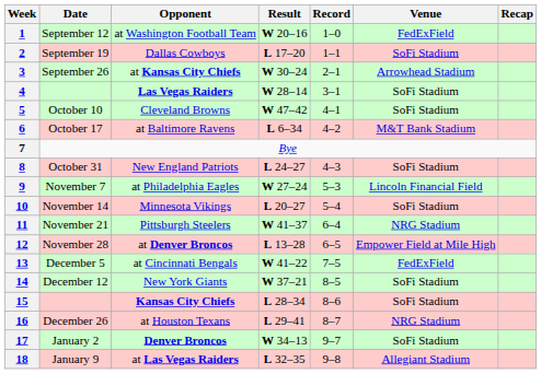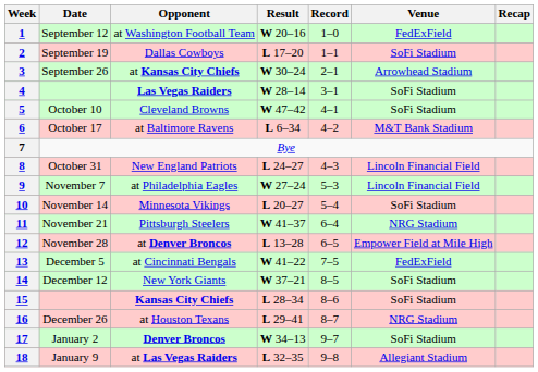 <table class="wikitable" style="text-align:center">
 <tr>
 <th>Week</th>
 <th>Date</th>
 <th>Opponent</th>
 <th>Result</th>
 <th>Record</th>
 <th>Venue</th>
 <th>Recap</th>
 </tr>
 <tr style="background:#cfc">
 <th><a href='#'>1</a></th>
 <td>September 12</td>
 <td>at <a href='#'>Washington Football Team</a></td>
 <td><strong>W</strong> 20–16</td>
 <td>1–0</td>
 <td><a href='#'>FedExField</a></td>
 <td></td>
 </tr>
 <tr style="background:#fcc">
 <th><a href='#'>2</a></th>
 <td>September 19</td>
 <td><a href='#'>Dallas Cowboys</a></td>
 <td><strong>L</strong> 17–20</td>
 <td>1–1</td>
 <td><a href='#'>SoFi Stadium</a></td>
 <td></td>
 </tr>
 <tr style="background:#cfc">
 <th><a href='#'>3</a></th>
 <td>September 26</td>
 <td>at <strong><a href='#'>Kansas City Chiefs</a></strong></td>
 <td><strong>W</strong> 30–24</td>
 <td>2–1</td>
 <td><a href='#'>Arrowhead Stadium</a></td>
 <td></td>
 </tr>
 <tr style="background:#cfc">
 <th><a href='#'>4</a></th>
 <td></td>
 <td><strong><a href='#'>Las Vegas Raiders</a></strong></td>
 <td><strong>W</strong> 28–14</td>
 <td>3–1</td>
 <td>SoFi Stadium</td>
 <td></td>
 </tr>
 <tr style="background:#cfc">
 <th><a href='#'>5</a></th>
 <td>October 10</td>
 <td><a href='#'>Cleveland Browns</a></td>
 <td><strong>W</strong> 47–42</td>
 <td>4–1</td>
 <td>SoFi Stadium</td>
 <td></td>
 </tr>
 <tr style="background:#fcc">
 <th><a href='#'>6</a></th>
 <td>October 17</td>
 <td>at <a href='#'>Baltimore Ravens</a></td>
 <td><strong>L</strong> 6–34</td>
 <td>4–2</td>
 <td><a href='#'>M&T Bank Stadium</a></td>
 <td></td>
 </tr>
 <tr>
 <th>7</th>
 <td colspan="6"><em><a href='#'>Bye</a></em></td>
 </tr>
 <tr style="background:#fcc">
 <th><a href='#'>8</a></th>
 <td>October 31</td>
 <td><a href='#'>New England Patriots</a></td>
 <td><strong>L</strong> 24–27</td>
 <td>4–3</td>
-<td>SoFi Stadium</td>
+<td><a href='#'>Lincoln Financial Field</a></td>
 <td></td>
 </tr>
 <tr style="background:#cfc">
 <th><a href='#'>9</a></th>
 <td>November 7</td>
 <td>at <a href='#'>Philadelphia Eagles</a></td>
 <td><strong>W</strong> 27–24</td>
 <td>5–3</td>
 <td><a href='#'>Lincoln Financial Field</a></td>
 <td></td>
 </tr>
 <tr style="background:#fcc">
 <th><a href='#'>10</a></th>
 <td>November 14</td>
 <td><a href='#'>Minnesota Vikings</a></td>
 <td><strong>L</strong> 20–27</td>
 <td>5–4</td>
 <td>SoFi Stadium</td>
 <td></td>
 </tr>
 <tr style="background:#cfc">
 <th><a href='#'>11</a></th>
 <td>November 21</td>
 <td><a href='#'>Pittsburgh Steelers</a></td>
 <td><strong>W</strong> 41–37</td>
 <td>6–4</td>
 <td><a href='#'>NRG Stadium</a></td>
 <td></td>
 </tr>
 <tr style="background:#fcc">
 <th><a href='#'>12</a></th>
 <td>November 28</td>
 <td>at <strong><a href='#'>Denver Broncos</a></strong></td>
 <td><strong>L</strong> 13–28</td>
 <td>6–5</td>
 <td><a href='#'>Empower Field at Mile High</a></td>
 <td></td>
 </tr>
 <tr style="background:#cfc">
 <th><a href='#'>13</a></th>
 <td>December 5</td>
 <td>at <a href='#'>Cincinnati Bengals</a></td>
 <td><strong>W</strong> 41–22</td>
 <td>7–5</td>
 <td><a href='#'>FedExField</a></td>
 <td></td>
 </tr>
 <tr style="background:#cfc">
 <th><a href='#'>14</a></th>
 <td>December 12</td>
 <td><a href='#'>New York Giants</a></td>
 <td><strong>W</strong> 37–21</td>
 <td>8–5</td>
 <td>SoFi Stadium</td>
 <td></td>
 </tr>
 <tr style="background:#fcc">
 <th><a href='#'>15</a></th>
 <td></td>
 <td><strong><a href='#'>Kansas City Chiefs</a></strong></td>
 <td><strong>L</strong> 28–34 </td>
 <td>8–6</td>
 <td>SoFi Stadium</td>
 <td></td>
 </tr>
 <tr style="background:#fcc">
 <th><a href='#'>16</a></th>
 <td>December 26</td>
 <td>at <a href='#'>Houston Texans</a></td>
 <td><strong>L</strong> 29–41</td>
 <td>8–7</td>
 <td><a href='#'>NRG Stadium</a></td>
 <td></td>
 </tr>
 <tr style="background:#cfc">
 <th><a href='#'>17</a></th>
 <td>January 2</td>
 <td><strong><a href='#'>Denver Broncos</a></strong></td>
 <td><strong>W</strong> 34–13</td>
 <td>9–7</td>
 <td>SoFi Stadium</td>
 <td></td>
 </tr>
 <tr style="background:#fcc">
 <th><a href='#'>18</a></th>
 <td>January 9</td>
 <td>at <strong><a href='#'>Las Vegas Raiders</a></strong></td>
 <td><strong>L</strong> 32–35 </td>
 <td>9–8</td>
 <td><a href='#'>Allegiant Stadium</a></td>
 <td></td>
 </tr>
 </table>
